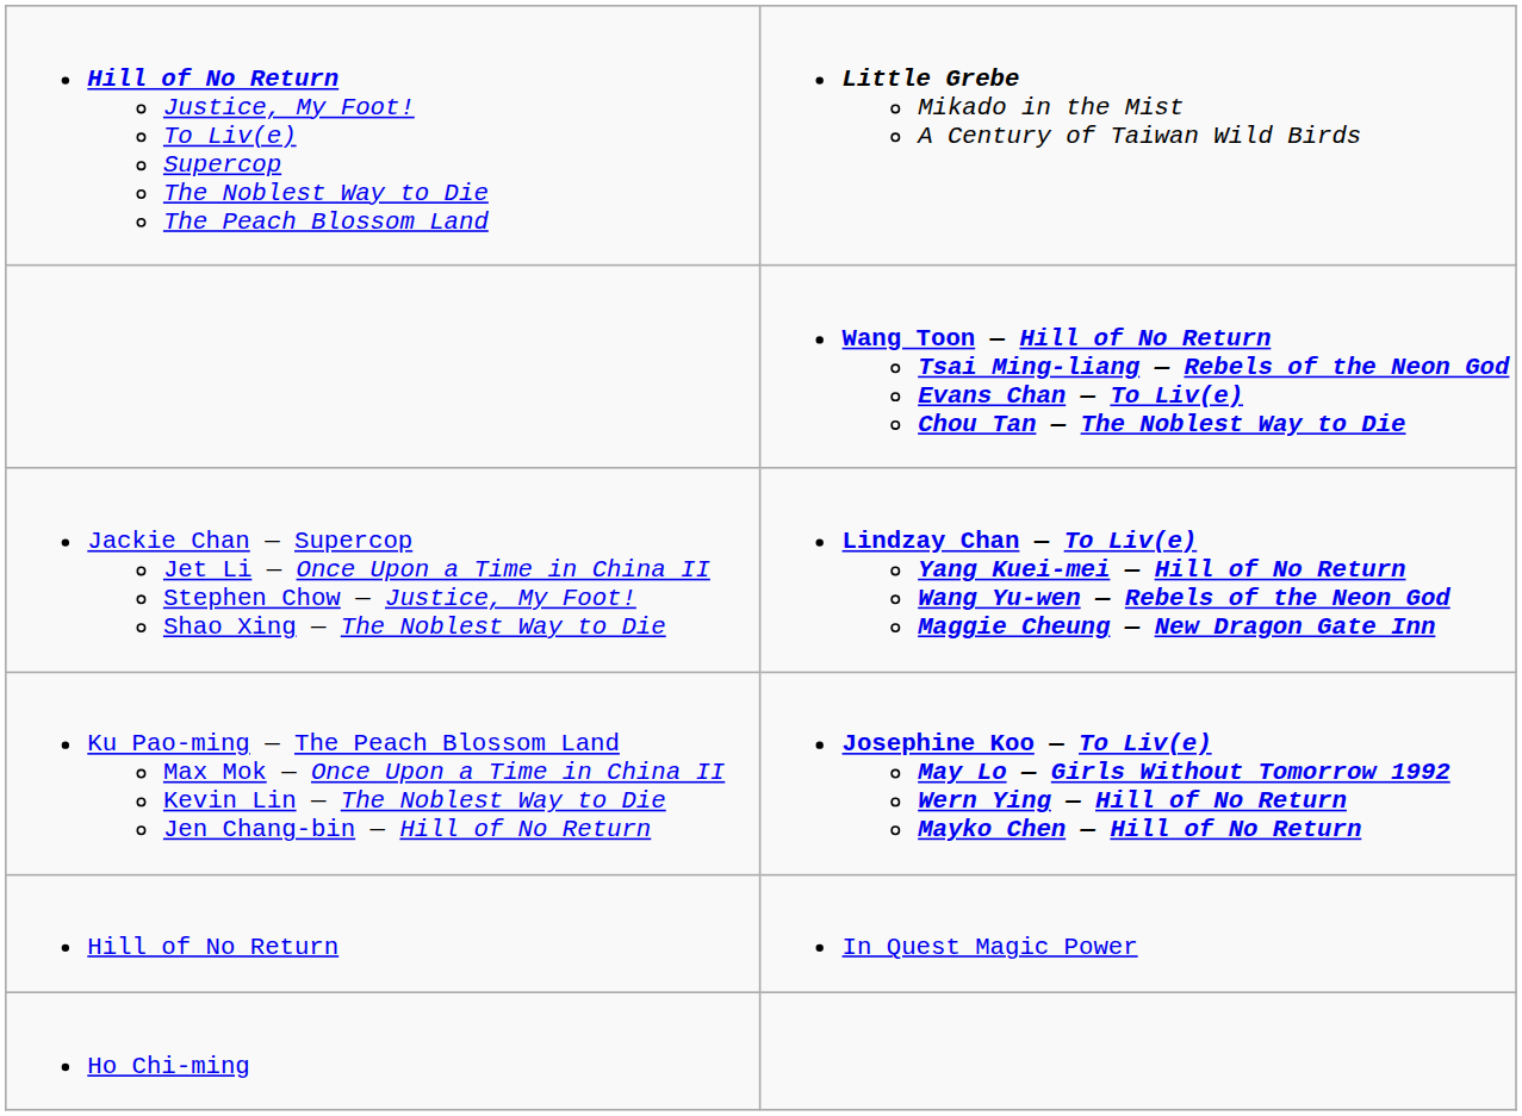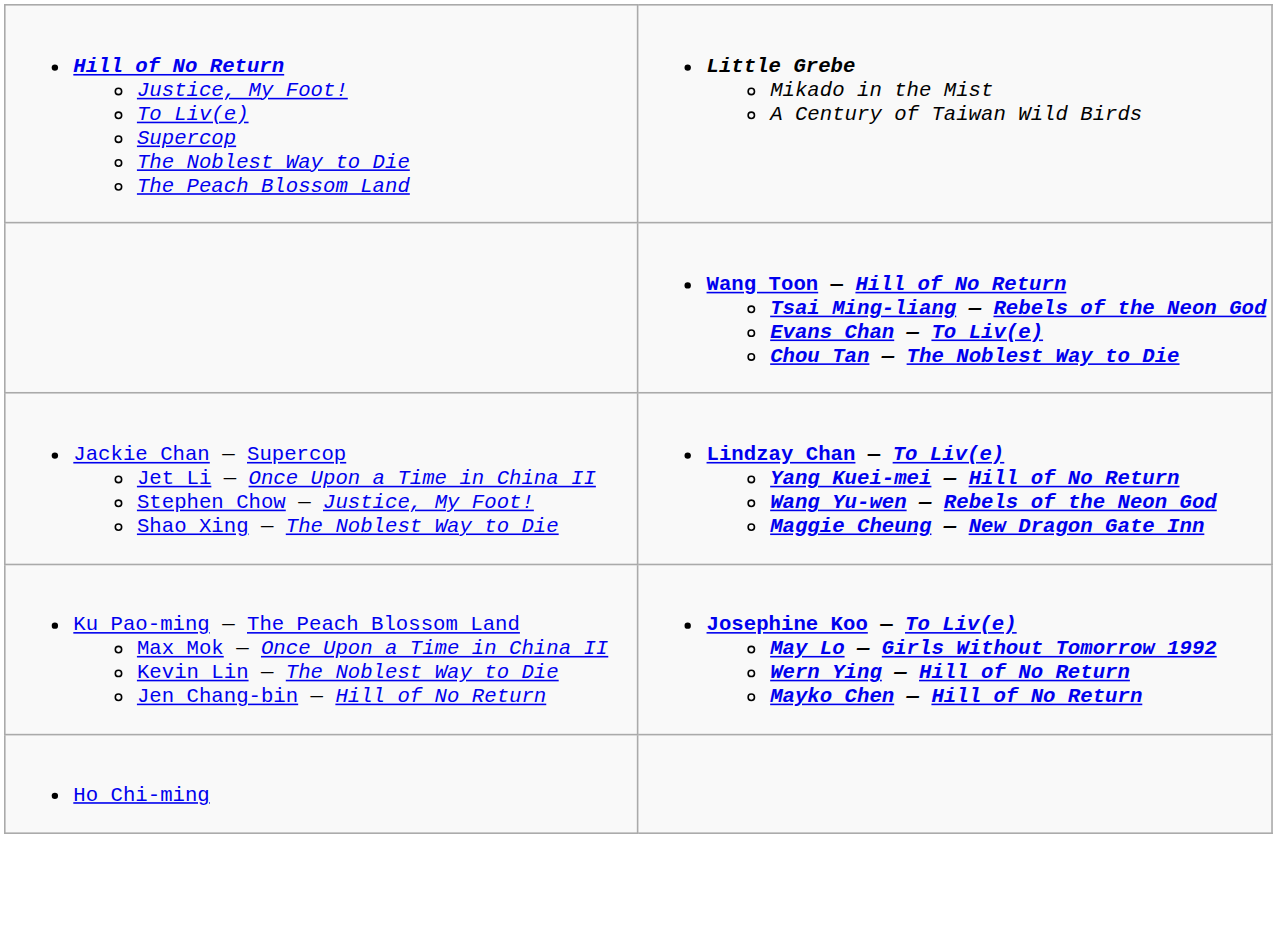 <table class=wikitable>
 <tr>
 <td valign="top" width="50%"><br><ul><li><strong><em><a href='#'>Hill of No Return</a></em></strong><ul><li><em><a href='#'>Justice, My Foot!</a></em></li><li><em><a href='#'>To Liv(e)</a></em></li><li><em><a href='#'>Supercop</a></em></li><li><em><a href='#'>The Noblest Way to Die</a></em></li><li><em><a href='#'>The Peach Blossom Land</a></em></li></ul></li></ul></td>
 <td valign="top" width="50%"><br><ul><li><strong><em>Little Grebe</em></strong><ul><li><em>Mikado in the Mist</em></li><li><em>A Century of Taiwan Wild Birds</em></li></ul></li></ul></td>
 </tr>
 <tr>
 <td valign="top" width="50%"><br> </td>
 <td valign="top" width="50%"><br><ul><li><strong><a href='#'>Wang Toon</a> — <em><a href='#'>Hill of No Return</a><strong><em><ul><li><a href='#'>Tsai Ming-liang</a>  — </em><a href='#'>Rebels of the Neon God</a><em></li><li><a href='#'>Evans Chan</a> — </em><a href='#'>To Liv(e)</a><em></li><li><a href='#'>Chou Tan</a> — </em><a href='#'>The Noblest Way to Die</a><em></li></ul></li></ul></td>
 </tr>
 <tr>
 <td valign="top" width="50%"><br><ul><li></strong><a href='#'>Jackie Chan</a> — </em><a href='#'>Supercop</a></em></strong><ul><li><a href='#'>Jet Li</a> — <em><a href='#'>Once Upon a Time in China II</a></em></li><li><a href='#'>Stephen Chow</a> — <em><a href='#'>Justice, My Foot!</a></em></li><li><a href='#'>Shao Xing</a> — <em><a href='#'>The Noblest Way to Die</a></em></li></ul></li></ul></td>
 <td valign="top" width="50%"><br><ul><li><strong><a href='#'>Lindzay Chan</a> — <em><a href='#'>To Liv(e)</a><strong><em><ul><li><a href='#'>Yang Kuei-mei</a> — </em><a href='#'>Hill of No Return</a><em></li><li><a href='#'>Wang Yu-wen</a> — </em><a href='#'>Rebels of the Neon God</a><em></li><li><a href='#'>Maggie Cheung</a> — </em><a href='#'>New Dragon Gate Inn</a><em></li></ul></li></ul></td>
 </tr>
 <tr>
 <td valign="top" width="50%"><br><ul><li></strong><a href='#'>Ku Pao-ming</a> — </em><a href='#'>The Peach Blossom Land</a></em></strong><ul><li><a href='#'>Max Mok</a> — <em><a href='#'>Once Upon a Time in China II</a></em></li><li><a href='#'>Kevin Lin</a> — <em><a href='#'>The Noblest Way to Die</a></em></li><li><a href='#'>Jen Chang-bin</a> — <em><a href='#'>Hill of No Return</a></em></li></ul></li></ul></td>
 <td valign="top" width="50%"><br><ul><li><strong><a href='#'>Josephine Koo</a> — <em><a href='#'>To Liv(e)</a><strong><em><ul><li><a href='#'>May Lo</a> — </em><a href='#'>Girls Without Tomorrow 1992</a><em></li><li><a href='#'>Wern Ying</a> — </em><a href='#'>Hill of No Return</a><em></li><li><a href='#'>Mayko Chen</a> — </em><a href='#'>Hill of No Return</a><em></li></ul></li></ul></td>
 </tr>
 <tr>
-<td valign="top" width="50%"><br><ul><li></em></strong><a href='#'>Hill of No Return</a><strong><em></li></ul></td>
-<td valign="top" width="50%"><br><ul><li></em></strong><a href='#'>In Quest Magic Power</a><strong><em></li></ul></td>
-</tr>
-<tr>
 <td valign="top" width="50%"><br><ul><li></strong><a href='#'>Ho Chi-ming</a><strong></li></ul></td>
 </tr>
 </table>
